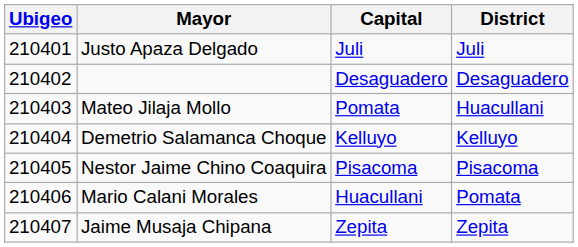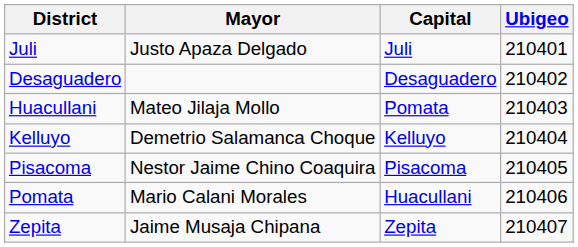 <table class="wikitable sortable">
 <tr>
-<th><a href='#'>Ubigeo</a></th>
+<th>District</th>
 <th>Mayor</th>
 <th>Capital</th>
-<th>District</th>
+<th><a href='#'>Ubigeo</a></th>
 </tr>
 <tr>
-<td>210401</td>
+<td><a href='#'>Juli</a></td>
 <td>Justo Apaza Delgado</td>
 <td><a href='#'>Juli</a></td>
-<td><a href='#'>Juli</a></td>
+<td>210401</td>
 </tr>
 <tr>
-<td>210402</td>
+<td><a href='#'>Desaguadero</a></td>
 <td></td>
 <td><a href='#'>Desaguadero</a></td>
-<td><a href='#'>Desaguadero</a></td>
+<td>210402</td>
 </tr>
 <tr>
-<td>210403</td>
+<td><a href='#'>Huacullani</a></td>
 <td>Mateo Jilaja Mollo</td>
 <td><a href='#'>Pomata</a></td>
-<td><a href='#'>Huacullani</a></td>
+<td>210403</td>
 </tr>
 <tr>
-<td>210404</td>
+<td><a href='#'>Kelluyo</a></td>
 <td>Demetrio Salamanca Choque</td>
 <td><a href='#'>Kelluyo</a></td>
-<td><a href='#'>Kelluyo</a></td>
+<td>210404</td>
 </tr>
 <tr>
-<td>210405</td>
+<td><a href='#'>Pisacoma</a></td>
 <td>Nestor Jaime Chino Coaquira</td>
 <td><a href='#'>Pisacoma</a></td>
-<td><a href='#'>Pisacoma</a></td>
+<td>210405</td>
 </tr>
 <tr>
-<td>210406</td>
+<td><a href='#'>Pomata</a></td>
 <td>Mario Calani Morales</td>
 <td><a href='#'>Huacullani</a></td>
-<td><a href='#'>Pomata</a></td>
+<td>210406</td>
 </tr>
 <tr>
-<td>210407</td>
+<td><a href='#'>Zepita</a></td>
 <td>Jaime Musaja Chipana</td>
 <td><a href='#'>Zepita</a></td>
-<td><a href='#'>Zepita</a></td>
+<td>210407</td>
 </tr>
 </table>
